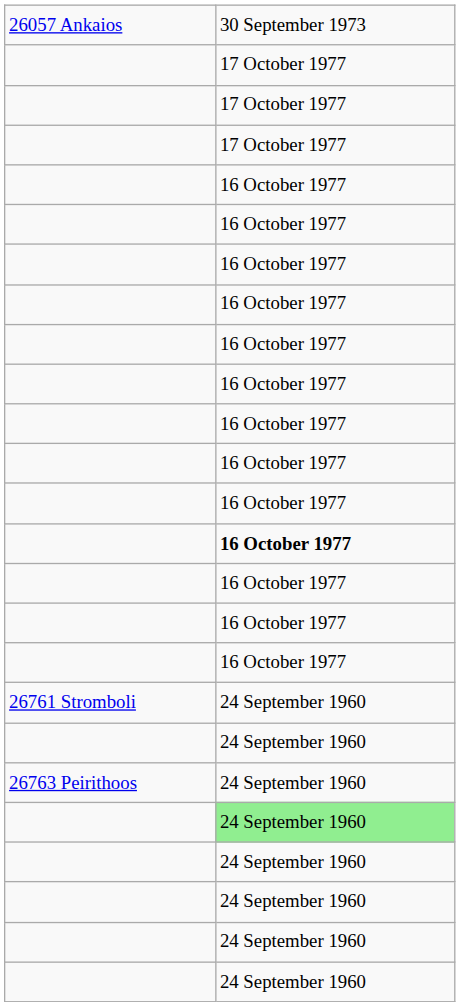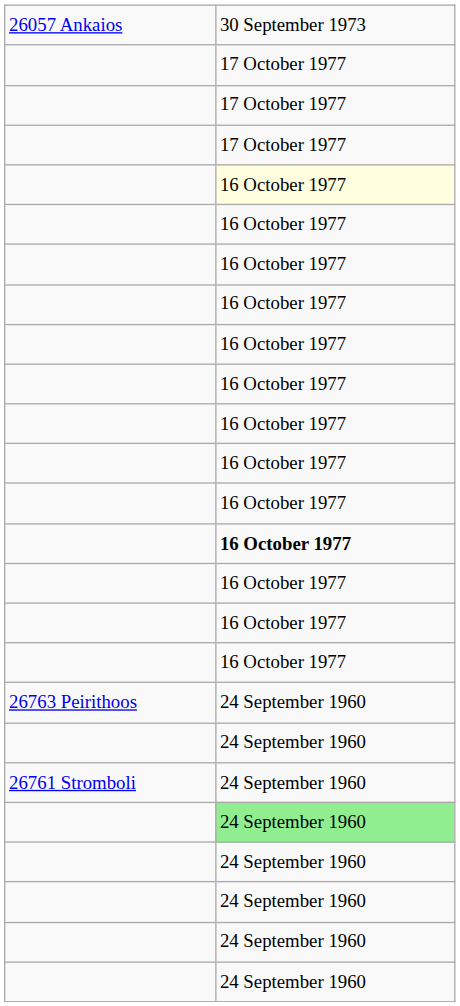 <table class="wikitable" style="font-size: 89%; float: left; width: 24em; margin-right: 1em; line-height: 1.65em">
 <tr>
 <td><a href='#'>26057 Ankaios</a></td>
 <td>30 September 1973</td>
 </tr>
 <tr>
 <td></td>
 <td>17 October 1977</td>
 </tr>
 <tr>
 <td></td>
 <td>17 October 1977</td>
 </tr>
 <tr>
 <td></td>
 <td>17 October 1977</td>
 </tr>
 <tr>
 <td></td>
-<td>16 October 1977</td>
+<td style="background: lightyellow;">16 October 1977</td>
 </tr>
 <tr>
 <td></td>
 <td>16 October 1977</td>
 </tr>
 <tr>
 <td></td>
 <td>16 October 1977</td>
 </tr>
 <tr>
 <td></td>
 <td>16 October 1977</td>
 </tr>
 <tr>
 <td></td>
 <td>16 October 1977</td>
 </tr>
 <tr>
 <td></td>
 <td>16 October 1977</td>
 </tr>
 <tr>
 <td></td>
 <td>16 October 1977</td>
 </tr>
 <tr>
 <td></td>
 <td>16 October 1977</td>
 </tr>
 <tr>
 <td></td>
 <td>16 October 1977</td>
 </tr>
 <tr>
 <td></td>
 <td><strong>16 October 1977</strong></td>
 </tr>
 <tr>
 <td></td>
 <td>16 October 1977</td>
 </tr>
 <tr>
 <td></td>
 <td>16 October 1977</td>
 </tr>
 <tr>
 <td></td>
 <td>16 October 1977</td>
 </tr>
 <tr>
-<td><a href='#'>26761 Stromboli</a></td>
+<td><a href='#'>26763 Peirithoos</a></td>
 <td>24 September 1960</td>
 </tr>
 <tr>
 <td></td>
 <td>24 September 1960</td>
 </tr>
 <tr>
-<td><a href='#'>26763 Peirithoos</a></td>
+<td><a href='#'>26761 Stromboli</a></td>
 <td>24 September 1960</td>
 </tr>
 <tr>
 <td></td>
 <td style="background: lightgreen;">24 September 1960</td>
 </tr>
 <tr>
 <td></td>
 <td>24 September 1960</td>
 </tr>
 <tr>
 <td></td>
 <td>24 September 1960</td>
 </tr>
 <tr>
 <td></td>
 <td>24 September 1960</td>
 </tr>
 <tr>
 <td></td>
 <td>24 September 1960</td>
 </tr>
 </table>
